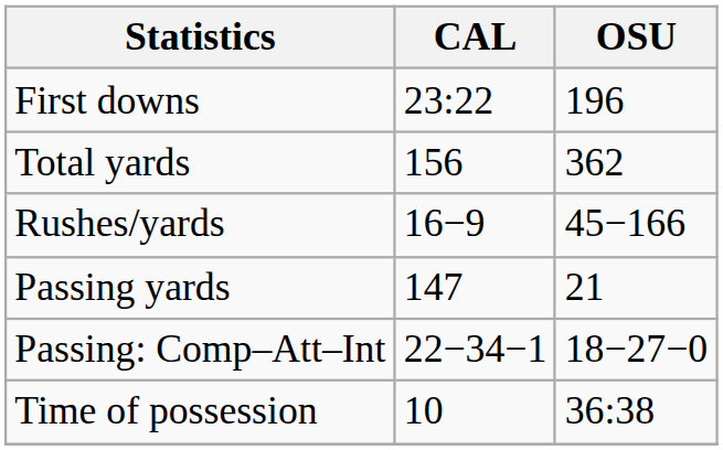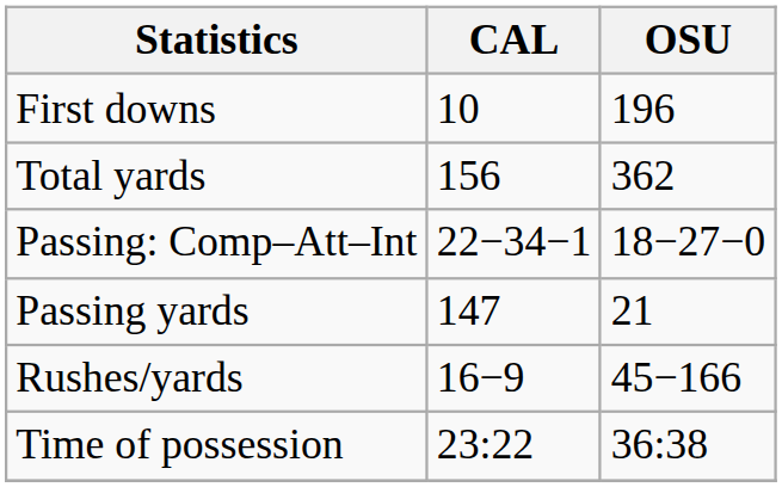 <table class="wikitable" style="float: left;">
 <tr>
 <th>Statistics</th>
 <th>CAL</th>
 <th>OSU</th>
 </tr>
 <tr>
 <td>First downs</td>
-<td>23:22</td>
+<td>10</td>
 <td>196</td>
 </tr>
 <tr>
 <td>Total yards</td>
 <td>156</td>
 <td>362</td>
 </tr>
 <tr>
-<td>Rushes/yards</td>
-<td>16−9</td>
-<td>45−166</td>
+<td>Passing: Comp–Att–Int</td>
+<td>22−34−1</td>
+<td>18−27−0</td>
 </tr>
 <tr>
 <td>Passing yards</td>
 <td>147</td>
 <td>21</td>
 </tr>
 <tr>
-<td>Passing: Comp–Att–Int</td>
-<td>22−34−1</td>
-<td>18−27−0</td>
+<td>Rushes/yards</td>
+<td>16−9</td>
+<td>45−166</td>
 </tr>
 <tr>
 <td>Time of possession</td>
-<td>10</td>
+<td>23:22</td>
 <td>36:38</td>
 </tr>
 <tr>
 </tr>
 </table>
